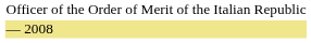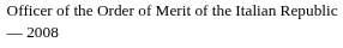 <table>
 <tr>
 <td rowspan=2 style="width:60px; vertical-align:top;"></td>
 <td>Officer of the Order of Merit of the Italian Republic</td>
 </tr>
 <tr>
-<td style="background: khaki;">— 2008</td>
+<td>— 2008</td>
 </tr>
 </table>
